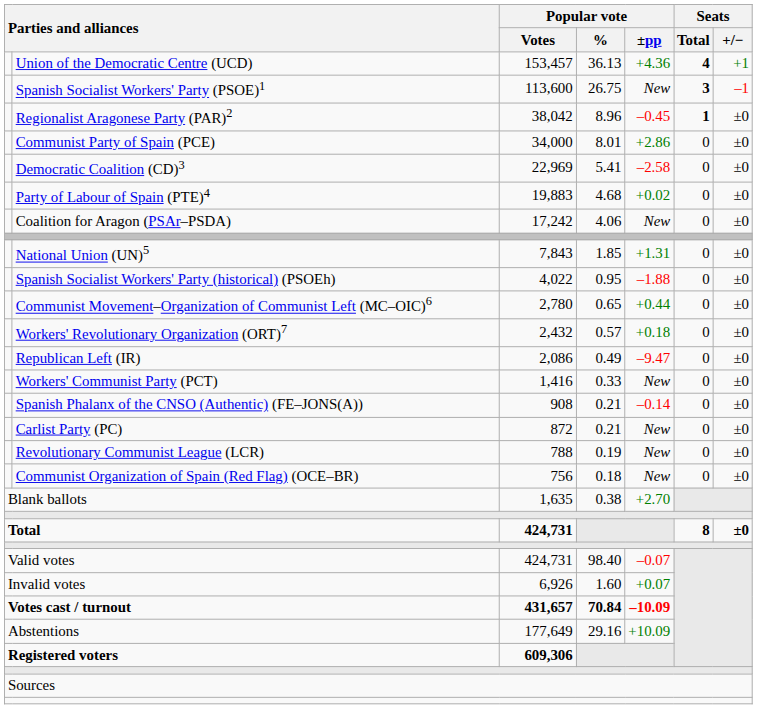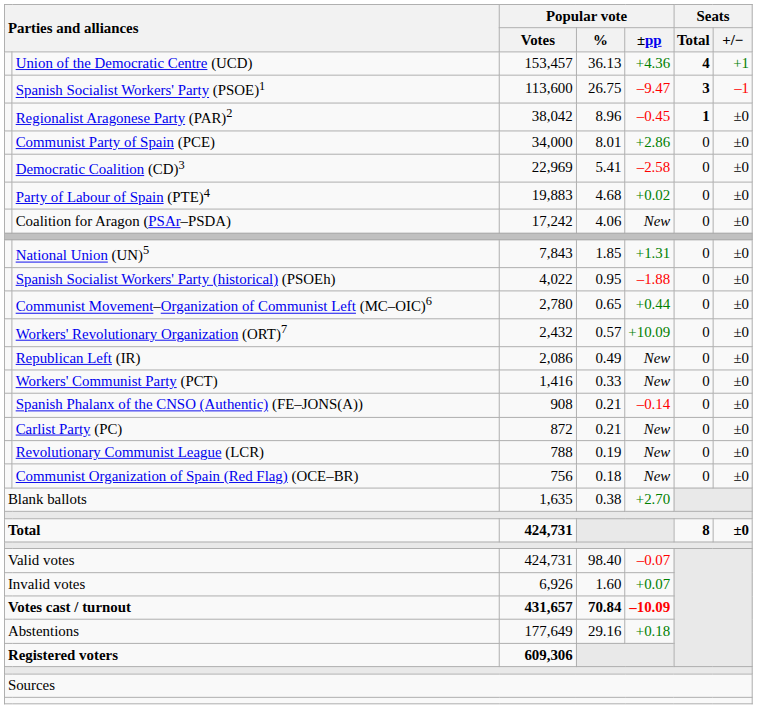 <table class="wikitable" style="text-align:right;">
 <tr>
 <th style="text-align:left;" rowspan="2" colspan="2" width="525">Parties and alliances</th>
 <th colspan="3">Popular vote</th>
 <th colspan="2">Seats</th>
 </tr>
 <tr>
 <th width="75">Votes</th>
 <th width="45">%</th>
 <th width="45">±<a href='#'>pp</a></th>
 <th width="35">Total</th>
 <th width="35">+/−</th>
 </tr>
 <tr>
 <td width="1" style="color:inherit;background:"></td>
 <td align="left"><a href='#'>Union of the Democratic Centre</a> (UCD)</td>
 <td>153,457</td>
 <td>36.13</td>
 <td style="color:green;">+4.36</td>
 <td><strong>4</strong></td>
 <td style="color:green;">+1</td>
 </tr>
 <tr>
 <td style="color:inherit;background:"></td>
 <td align="left"><a href='#'>Spanish Socialist Workers' Party</a> (PSOE)<sup>1</sup></td>
 <td>113,600</td>
 <td>26.75</td>
-<td><em>New</em></td>
+<td style="color:red;">–9.47</td>
 <td><strong>3</strong></td>
 <td style="color:red;">–1</td>
 </tr>
 <tr>
 <td style="color:inherit;background:"></td>
 <td align="left"><a href='#'>Regionalist Aragonese Party</a> (PAR)<sup>2</sup></td>
 <td>38,042</td>
 <td>8.96</td>
 <td style="color:red;">–0.45</td>
 <td><strong>1</strong></td>
 <td>±0</td>
 </tr>
 <tr>
 <td style="color:inherit;background:"></td>
 <td align="left"><a href='#'>Communist Party of Spain</a> (PCE)</td>
 <td>34,000</td>
 <td>8.01</td>
 <td style="color:green;">+2.86</td>
 <td>0</td>
 <td>±0</td>
 </tr>
 <tr>
 <td style="color:inherit;background:"></td>
 <td align="left"><a href='#'>Democratic Coalition</a> (CD)<sup>3</sup></td>
 <td>22,969</td>
 <td>5.41</td>
 <td style="color:red;">–2.58</td>
 <td>0</td>
 <td>±0</td>
 </tr>
 <tr>
 <td style="color:inherit;background:"></td>
 <td align="left"><a href='#'>Party of Labour of Spain</a> (PTE)<sup>4</sup></td>
 <td>19,883</td>
 <td>4.68</td>
 <td style="color:green;">+0.02</td>
 <td>0</td>
 <td>±0</td>
 </tr>
 <tr>
 <td style="color:inherit;background:"></td>
 <td align="left">Coalition for Aragon (<a href='#'>PSAr</a>–PSDA)</td>
 <td>17,242</td>
 <td>4.06</td>
 <td><em>New</em></td>
 <td>0</td>
 <td>±0</td>
 </tr>
 <tr>
 <td colspan="7" bgcolor="#C0C0C0"></td>
 </tr>
 <tr>
 <td style="color:inherit;background:"></td>
 <td align="left"><a href='#'>National Union</a> (UN)<sup>5</sup></td>
 <td>7,843</td>
 <td>1.85</td>
 <td style="color:green;">+1.31</td>
 <td>0</td>
 <td>±0</td>
 </tr>
 <tr>
 <td style="color:inherit;background:"></td>
 <td align="left"><a href='#'>Spanish Socialist Workers' Party (historical)</a> (PSOEh)</td>
 <td>4,022</td>
 <td>0.95</td>
 <td style="color:red;">–1.88</td>
 <td>0</td>
 <td>±0</td>
 </tr>
 <tr>
 <td style="color:inherit;background:"></td>
 <td align="left"><a href='#'>Communist Movement</a>–<a href='#'>Organization of Communist Left</a> (MC–OIC)<sup>6</sup></td>
 <td>2,780</td>
 <td>0.65</td>
 <td style="color:green;">+0.44</td>
 <td>0</td>
 <td>±0</td>
 </tr>
 <tr>
 <td style="color:inherit;background:"></td>
 <td align="left"><a href='#'>Workers' Revolutionary Organization</a> (ORT)<sup>7</sup></td>
 <td>2,432</td>
 <td>0.57</td>
-<td style="color:green;">+0.18</td>
+<td style="color:green;">+10.09</td>
 <td>0</td>
 <td>±0</td>
 </tr>
 <tr>
 <td style="color:inherit;background:"></td>
 <td align="left"><a href='#'>Republican Left</a> (IR)</td>
 <td>2,086</td>
 <td>0.49</td>
-<td style="color:red;">–9.47</td>
+<td><em>New</em></td>
 <td>0</td>
 <td>±0</td>
 </tr>
 <tr>
 <td style="color:inherit;background:"></td>
 <td align="left"><a href='#'>Workers' Communist Party</a> (PCT)</td>
 <td>1,416</td>
 <td>0.33</td>
 <td><em>New</em></td>
 <td>0</td>
 <td>±0</td>
 </tr>
 <tr>
 <td style="color:inherit;background:"></td>
 <td align="left"><a href='#'>Spanish Phalanx of the CNSO (Authentic)</a> (FE–JONS(A))</td>
 <td>908</td>
 <td>0.21</td>
 <td style="color:red;">–0.14</td>
 <td>0</td>
 <td>±0</td>
 </tr>
 <tr>
 <td style="color:inherit;background:"></td>
 <td align="left"><a href='#'>Carlist Party</a> (PC)</td>
 <td>872</td>
 <td>0.21</td>
 <td><em>New</em></td>
 <td>0</td>
 <td>±0</td>
 </tr>
 <tr>
 <td style="color:inherit;background:"></td>
 <td align="left"><a href='#'>Revolutionary Communist League</a> (LCR)</td>
 <td>788</td>
 <td>0.19</td>
 <td><em>New</em></td>
 <td>0</td>
 <td>±0</td>
 </tr>
 <tr>
 <td style="color:inherit;background:"></td>
 <td align="left"><a href='#'>Communist Organization of Spain (Red Flag)</a> (OCE–BR)</td>
 <td>756</td>
 <td>0.18</td>
 <td><em>New</em></td>
 <td>0</td>
 <td>±0</td>
 </tr>
 <tr>
 <td align="left" colspan="2">Blank ballots</td>
 <td>1,635</td>
 <td>0.38</td>
 <td style="color:green;">+2.70</td>
 <td bgcolor="#E9E9E9" colspan="2"></td>
 </tr>
 <tr>
 <td colspan="7" bgcolor="#E9E9E9"></td>
 </tr>
 <tr style="font-weight:bold;">
 <td align="left" colspan="2">Total</td>
 <td>424,731</td>
 <td bgcolor="#E9E9E9" colspan="2"></td>
 <td>8</td>
 <td>±0</td>
 </tr>
 <tr>
 <td colspan="7" bgcolor="#E9E9E9"></td>
 </tr>
 <tr>
 <td align="left" colspan="2">Valid votes</td>
 <td>424,731</td>
 <td>98.40</td>
 <td style="color:red;">–0.07</td>
 <td bgcolor="#E9E9E9" colspan="2" rowspan="5"></td>
 </tr>
 <tr>
 <td align="left" colspan="2">Invalid votes</td>
 <td>6,926</td>
 <td>1.60</td>
 <td style="color:green;">+0.07</td>
 </tr>
 <tr style="font-weight:bold;">
 <td align="left" colspan="2">Votes cast / turnout</td>
 <td>431,657</td>
 <td>70.84</td>
 <td style="color:red;">–10.09</td>
 </tr>
 <tr>
 <td align="left" colspan="2">Abstentions</td>
 <td>177,649</td>
 <td>29.16</td>
-<td style="color:green;">+10.09</td>
+<td style="color:green;">+0.18</td>
 </tr>
 <tr style="font-weight:bold;">
 <td align="left" colspan="2">Registered voters</td>
 <td>609,306</td>
 <td bgcolor="#E9E9E9" colspan="2"></td>
 </tr>
 <tr>
 <td colspan="7" bgcolor="#E9E9E9"></td>
 </tr>
 <tr>
 <td align="left" colspan="7">Sources</td>
 </tr>
 <tr>
 <td colspan="7" style="text-align:left; max-width:790px;"></td>
 </tr>
 </table>
